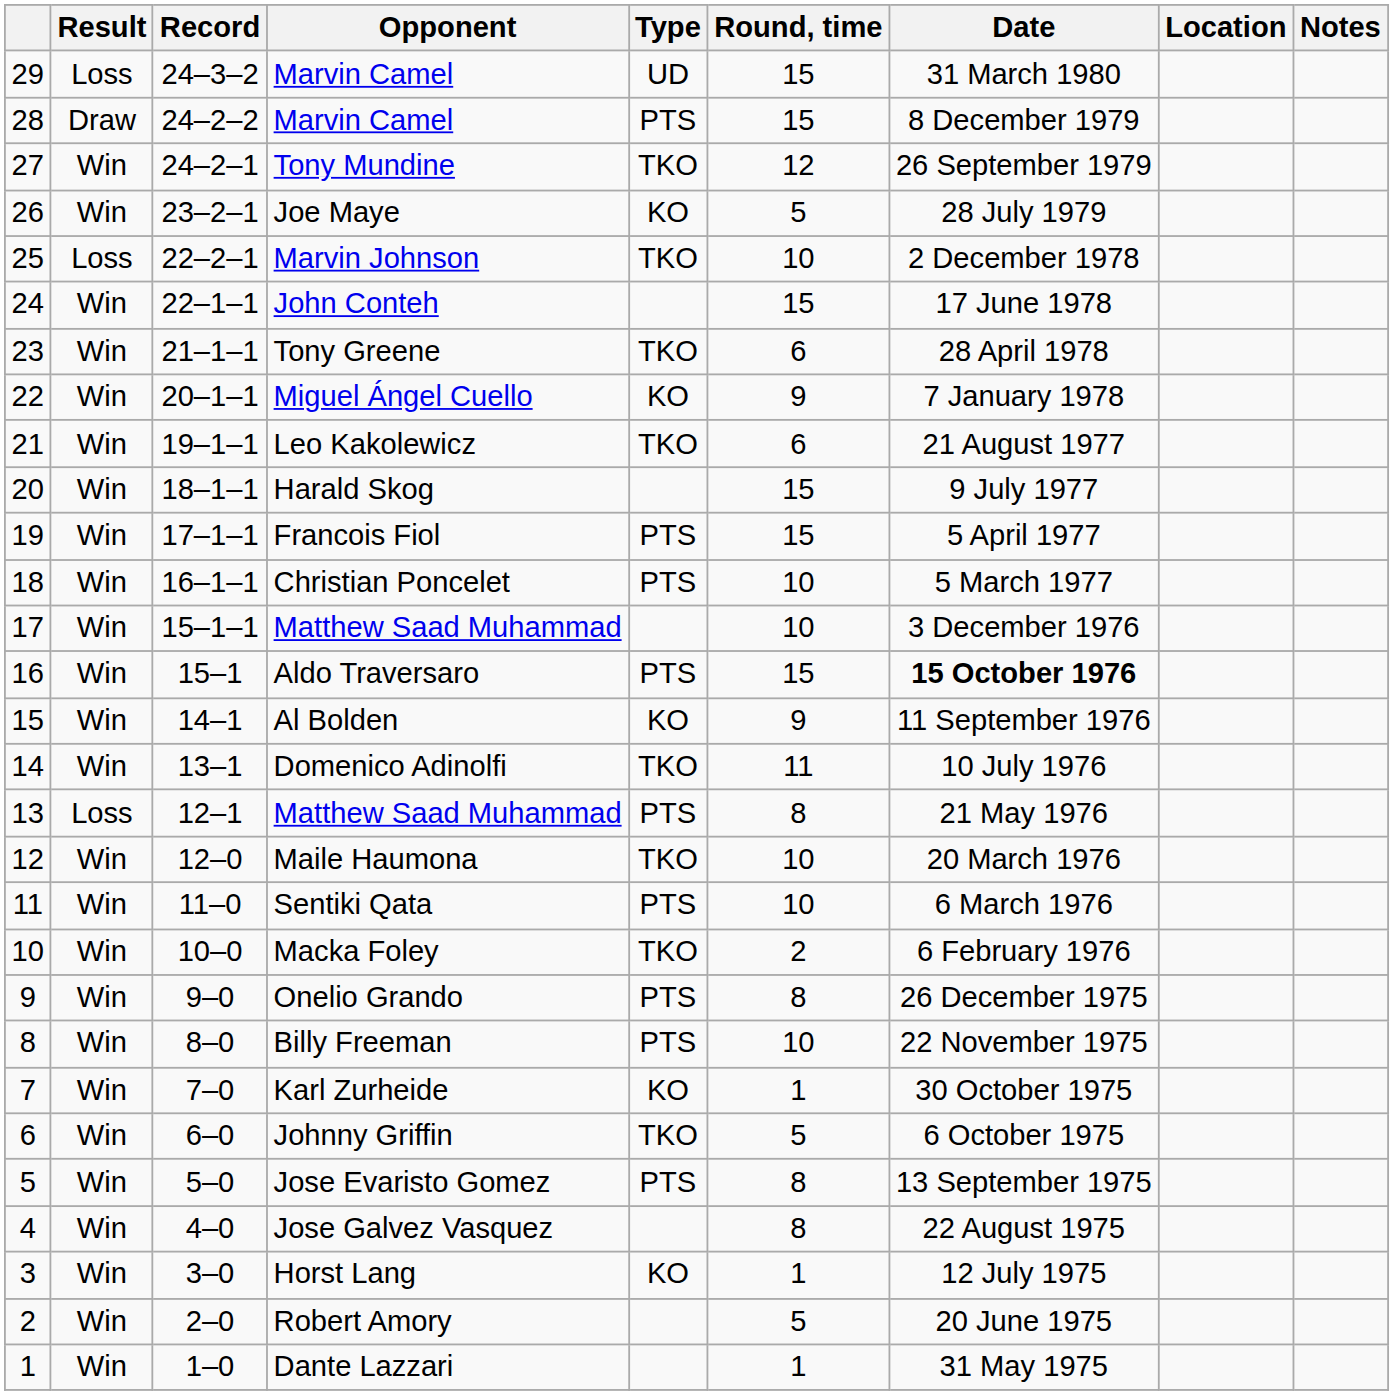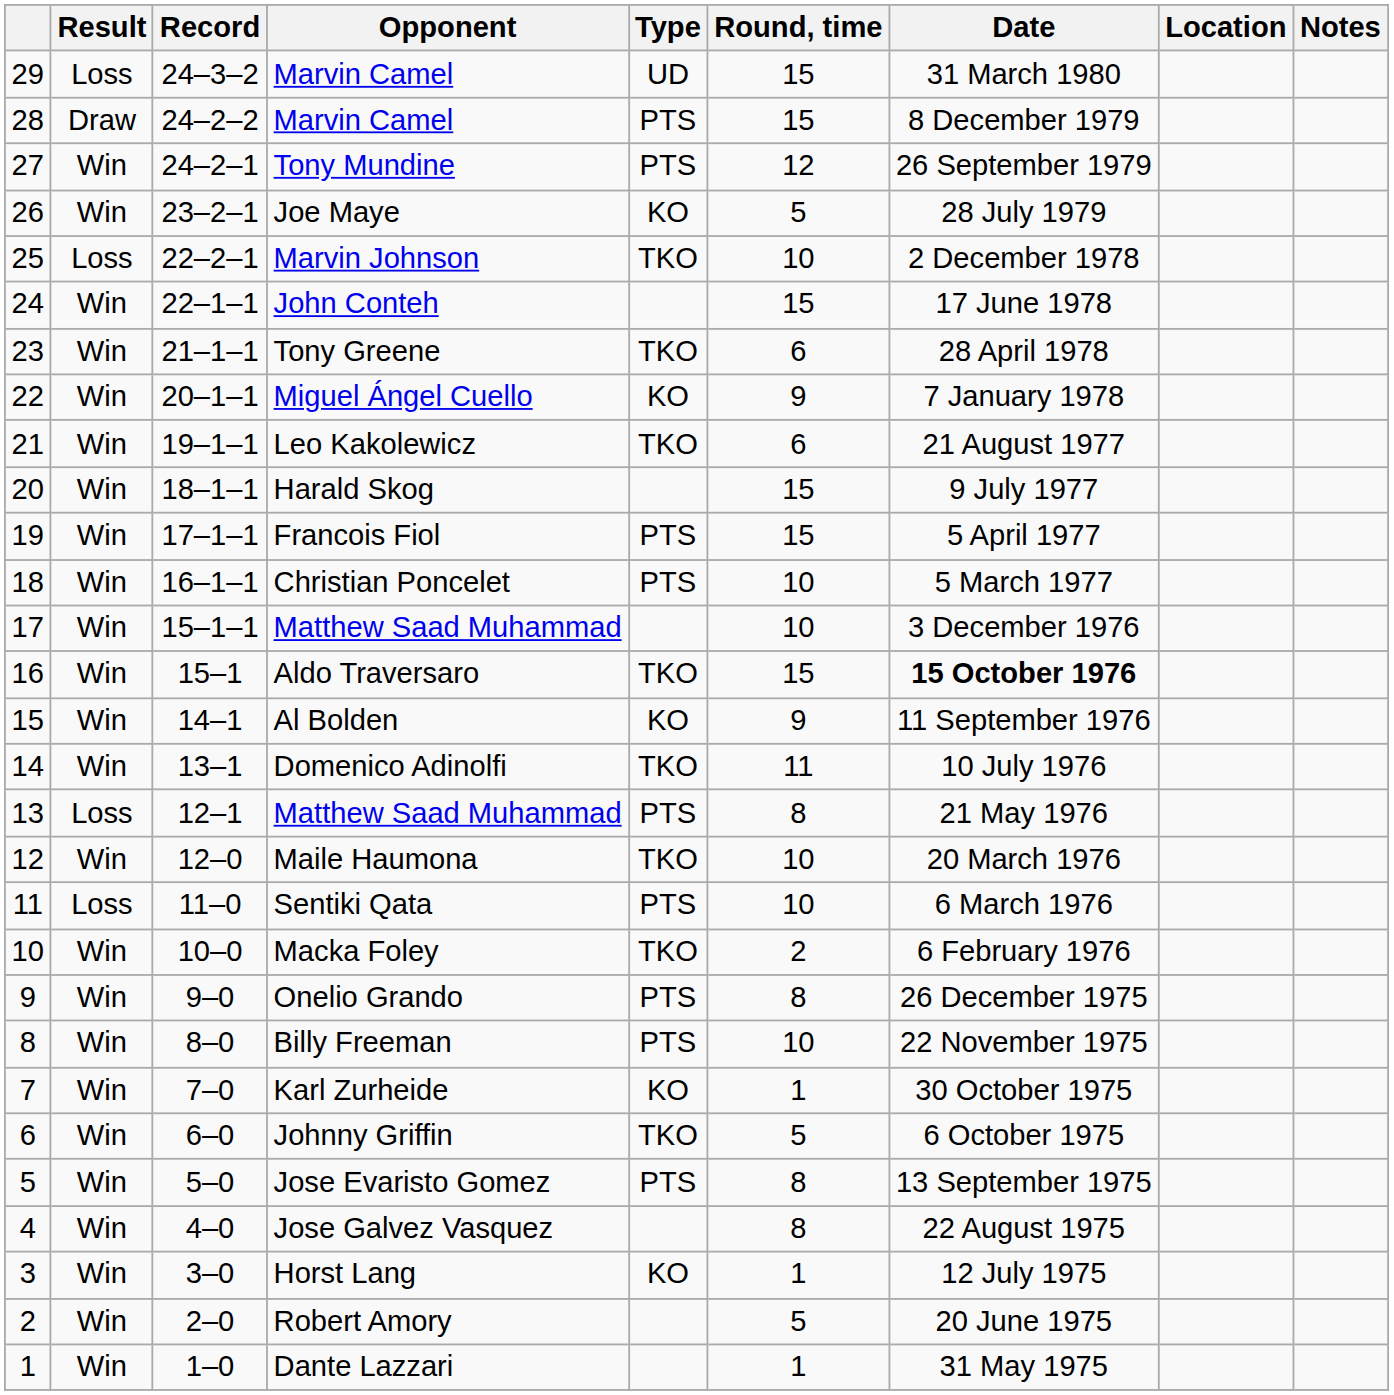 <table class="wikitable" style="text-align:center">
 <tr>
 <th></th>
 <th>Result</th>
 <th>Record</th>
 <th>Opponent</th>
 <th>Type</th>
 <th>Round, time</th>
 <th>Date</th>
 <th>Location</th>
 <th>Notes</th>
 </tr>
 <tr>
 <td>29</td>
 <td>Loss</td>
 <td>24–3–2</td>
 <td align=left><a href='#'>Marvin Camel</a></td>
 <td>UD</td>
 <td>15</td>
 <td>31 March 1980</td>
 <td align=left></td>
 <td align=left></td>
 </tr>
 <tr>
 <td>28</td>
 <td>Draw</td>
 <td>24–2–2</td>
 <td align=left><a href='#'>Marvin Camel</a></td>
 <td>PTS</td>
 <td>15</td>
 <td>8 December 1979</td>
 <td align=left></td>
 <td align=left></td>
 </tr>
 <tr>
 <td>27</td>
 <td>Win</td>
 <td>24–2–1</td>
 <td align=left><a href='#'>Tony Mundine</a></td>
-<td>TKO</td>
+<td>PTS</td>
 <td>12</td>
 <td>26 September 1979</td>
 <td align=left></td>
 <td align=left></td>
 </tr>
 <tr>
 <td>26</td>
 <td>Win</td>
 <td>23–2–1</td>
 <td align=left>Joe Maye</td>
 <td>KO</td>
 <td>5</td>
 <td>28 July 1979</td>
 <td align=left></td>
 <td align=left></td>
 </tr>
 <tr>
 <td>25</td>
 <td>Loss</td>
 <td>22–2–1</td>
 <td align=left><a href='#'>Marvin Johnson</a></td>
 <td>TKO</td>
 <td>10</td>
 <td>2 December 1978</td>
 <td align=left></td>
 <td align=left></td>
 </tr>
 <tr>
 <td>24</td>
 <td>Win</td>
 <td>22–1–1</td>
 <td align=left><a href='#'>John Conteh</a></td>
 <td></td>
 <td>15</td>
 <td>17 June 1978</td>
 <td align=left></td>
 <td align=left></td>
 </tr>
 <tr>
 <td>23</td>
 <td>Win</td>
 <td>21–1–1</td>
 <td align=left>Tony Greene</td>
 <td>TKO</td>
 <td>6</td>
 <td>28 April 1978</td>
 <td align=left></td>
 <td align=left></td>
 </tr>
 <tr>
 <td>22</td>
 <td>Win</td>
 <td>20–1–1</td>
 <td align=left><a href='#'>Miguel Ángel Cuello</a></td>
 <td>KO</td>
 <td>9</td>
 <td>7 January 1978</td>
 <td align=left></td>
 <td align=left></td>
 </tr>
 <tr>
 <td>21</td>
 <td>Win</td>
 <td>19–1–1</td>
 <td align=left>Leo Kakolewicz</td>
 <td>TKO</td>
 <td>6</td>
 <td>21 August 1977</td>
 <td align=left></td>
 <td align=left></td>
 </tr>
 <tr>
 <td>20</td>
 <td>Win</td>
 <td>18–1–1</td>
 <td align=left>Harald Skog</td>
 <td></td>
 <td>15</td>
 <td>9 July 1977</td>
 <td align=left></td>
 <td align=left></td>
 </tr>
 <tr>
 <td>19</td>
 <td>Win</td>
 <td>17–1–1</td>
 <td align=left>Francois Fiol</td>
 <td>PTS</td>
 <td>15</td>
 <td>5 April 1977</td>
 <td align=left></td>
 <td align=left></td>
 </tr>
 <tr>
 <td>18</td>
 <td>Win</td>
 <td>16–1–1</td>
 <td align=left>Christian Poncelet</td>
 <td>PTS</td>
 <td>10</td>
 <td>5 March 1977</td>
 <td align=left></td>
 <td align=left></td>
 </tr>
 <tr>
 <td>17</td>
 <td>Win</td>
 <td>15–1–1</td>
 <td align=left><a href='#'>Matthew Saad Muhammad</a></td>
 <td></td>
 <td>10</td>
 <td>3 December 1976</td>
 <td align=left></td>
 <td align=left></td>
 </tr>
 <tr>
 <td>16</td>
 <td>Win</td>
 <td>15–1</td>
 <td align=left>Aldo Traversaro</td>
-<td>PTS</td>
+<td>TKO</td>
 <td>15</td>
 <td><strong>15 October 1976</strong></td>
 <td align=left></td>
 <td align=left></td>
 </tr>
 <tr>
 <td>15</td>
 <td>Win</td>
 <td>14–1</td>
 <td align=left>Al Bolden</td>
 <td>KO</td>
 <td>9</td>
 <td>11 September 1976</td>
 <td align=left></td>
 <td align=left></td>
 </tr>
 <tr>
 <td>14</td>
 <td>Win</td>
 <td>13–1</td>
 <td align=left>Domenico Adinolfi</td>
 <td>TKO</td>
 <td>11</td>
 <td>10 July 1976</td>
 <td align=left></td>
 <td align=left></td>
 </tr>
 <tr>
 <td>13</td>
 <td>Loss</td>
 <td>12–1</td>
 <td align=left><a href='#'>Matthew Saad Muhammad</a></td>
 <td>PTS</td>
 <td>8</td>
 <td>21 May 1976</td>
 <td align=left></td>
 <td align=left></td>
 </tr>
 <tr>
 <td>12</td>
 <td>Win</td>
 <td>12–0</td>
 <td align=left>Maile Haumona</td>
 <td>TKO</td>
 <td>10</td>
 <td>20 March 1976</td>
 <td align=left></td>
 <td align=left></td>
 </tr>
 <tr>
 <td>11</td>
-<td>Win</td>
+<td>Loss</td>
 <td>11–0</td>
 <td align=left>Sentiki Qata</td>
 <td>PTS</td>
 <td>10</td>
 <td>6 March 1976</td>
 <td align=left></td>
 <td align=left></td>
 </tr>
 <tr>
 <td>10</td>
 <td>Win</td>
 <td>10–0</td>
 <td align=left>Macka Foley</td>
 <td>TKO</td>
 <td>2</td>
 <td>6 February 1976</td>
 <td align=left></td>
 <td align=left></td>
 </tr>
 <tr>
 <td>9</td>
 <td>Win</td>
 <td>9–0</td>
 <td align=left>Onelio Grando</td>
 <td>PTS</td>
 <td>8</td>
 <td>26 December 1975</td>
 <td align=left></td>
 <td align=left></td>
 </tr>
 <tr>
 <td>8</td>
 <td>Win</td>
 <td>8–0</td>
 <td align=left>Billy Freeman</td>
 <td>PTS</td>
 <td>10</td>
 <td>22 November 1975</td>
 <td align=left></td>
 <td align=left></td>
 </tr>
 <tr>
 <td>7</td>
 <td>Win</td>
 <td>7–0</td>
 <td align=left>Karl Zurheide</td>
 <td>KO</td>
 <td>1</td>
 <td>30 October 1975</td>
 <td align=left></td>
 <td align=left></td>
 </tr>
 <tr>
 <td>6</td>
 <td>Win</td>
 <td>6–0</td>
 <td align=left>Johnny Griffin</td>
 <td>TKO</td>
 <td>5</td>
 <td>6 October 1975</td>
 <td align=left></td>
 <td align=left></td>
 </tr>
 <tr>
 <td>5</td>
 <td>Win</td>
 <td>5–0</td>
 <td align=left>Jose Evaristo Gomez</td>
 <td>PTS</td>
 <td>8</td>
 <td>13 September 1975</td>
 <td align=left></td>
 <td align=left></td>
 </tr>
 <tr>
 <td>4</td>
 <td>Win</td>
 <td>4–0</td>
 <td align=left>Jose Galvez Vasquez</td>
 <td></td>
 <td>8</td>
 <td>22 August 1975</td>
 <td align=left></td>
 <td align=left></td>
 </tr>
 <tr>
 <td>3</td>
 <td>Win</td>
 <td>3–0</td>
 <td align=left>Horst Lang</td>
 <td>KO</td>
 <td>1</td>
 <td>12 July 1975</td>
 <td align=left></td>
 <td align=left></td>
 </tr>
 <tr>
 <td>2</td>
 <td>Win</td>
 <td>2–0</td>
 <td align=left>Robert Amory</td>
 <td></td>
 <td>5</td>
 <td>20 June 1975</td>
 <td align=left></td>
 <td align=left></td>
 </tr>
 <tr>
 <td>1</td>
 <td>Win</td>
 <td>1–0</td>
 <td align=left>Dante Lazzari</td>
 <td></td>
 <td>1</td>
 <td>31 May 1975</td>
 <td align=left></td>
 <td align=left></td>
 </tr>
 </table>
